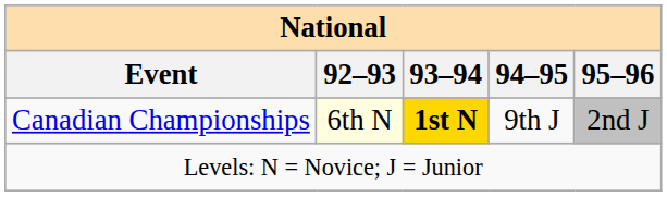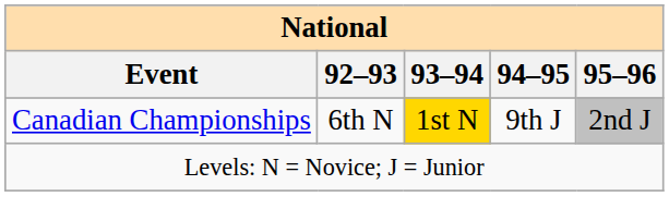 <table class="wikitable" style="text-align:center">
 <tr>
 <th style="background-color: #ffdead; " colspan=5 align=center>National</th>
 </tr>
 <tr>
 <th>Event</th>
 <th>92–93</th>
 <th>93–94</th>
 <th>94–95</th>
 <th>95–96</th>
 </tr>
 <tr>
 <td align=left><a href='#'>Canadian Championships</a></td>
-<td style="background: lightyellow;">6th N</td>
-<td bgcolor=gold><strong>1st N</strong></td>
+<td>6th N</td>
+<td bgcolor=gold>1st N</td>
 <td>9th J</td>
 <td bgcolor=silver>2nd J</td>
 </tr>
 <tr>
 <td colspan=5 align=center><small> Levels: N = Novice; J = Junior </small></td>
 </tr>
 </table>
